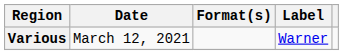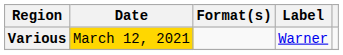 <table class="wikitable plainrowheaders">
 <tr>
 <th scope="col">Region</th>
 <th scope="col">Date</th>
 <th scope="col">Format(s)</th>
 <th scope="col">Label</th>
 <th scope="col"></th>
 </tr>
 <tr>
 <th scope="row">Various</th>
-<td>March 12, 2021</td>
+<td style="background: gold;">March 12, 2021</td>
 <td></td>
 <td><a href='#'>Warner</a></td>
 <td align="center"></td>
 </tr>
 <tr>
 </tr>
 </table>
